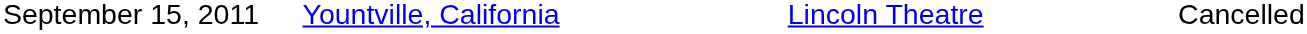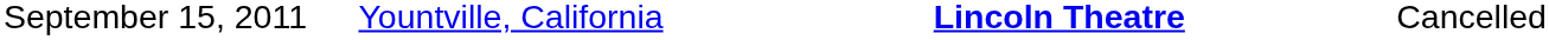 <table cellpadding="2" style="border: 0px solid darkgray; font-size:90%">
 <tr>
 <th width="150"></th>
 <th width="250"></th>
 <th width="200"></th>
 <th width="700"></th>
 </tr>
 <tr border="0">
 <td>September 15, 2011</td>
 <td><a href='#'>Yountville, California</a></td>
-<td><a href='#'>Lincoln Theatre</a></td>
+<td><strong><a href='#'>Lincoln Theatre</a></strong></td>
 <td>Cancelled</td>
 </tr>
 <tr>
 </tr>
 </table>
